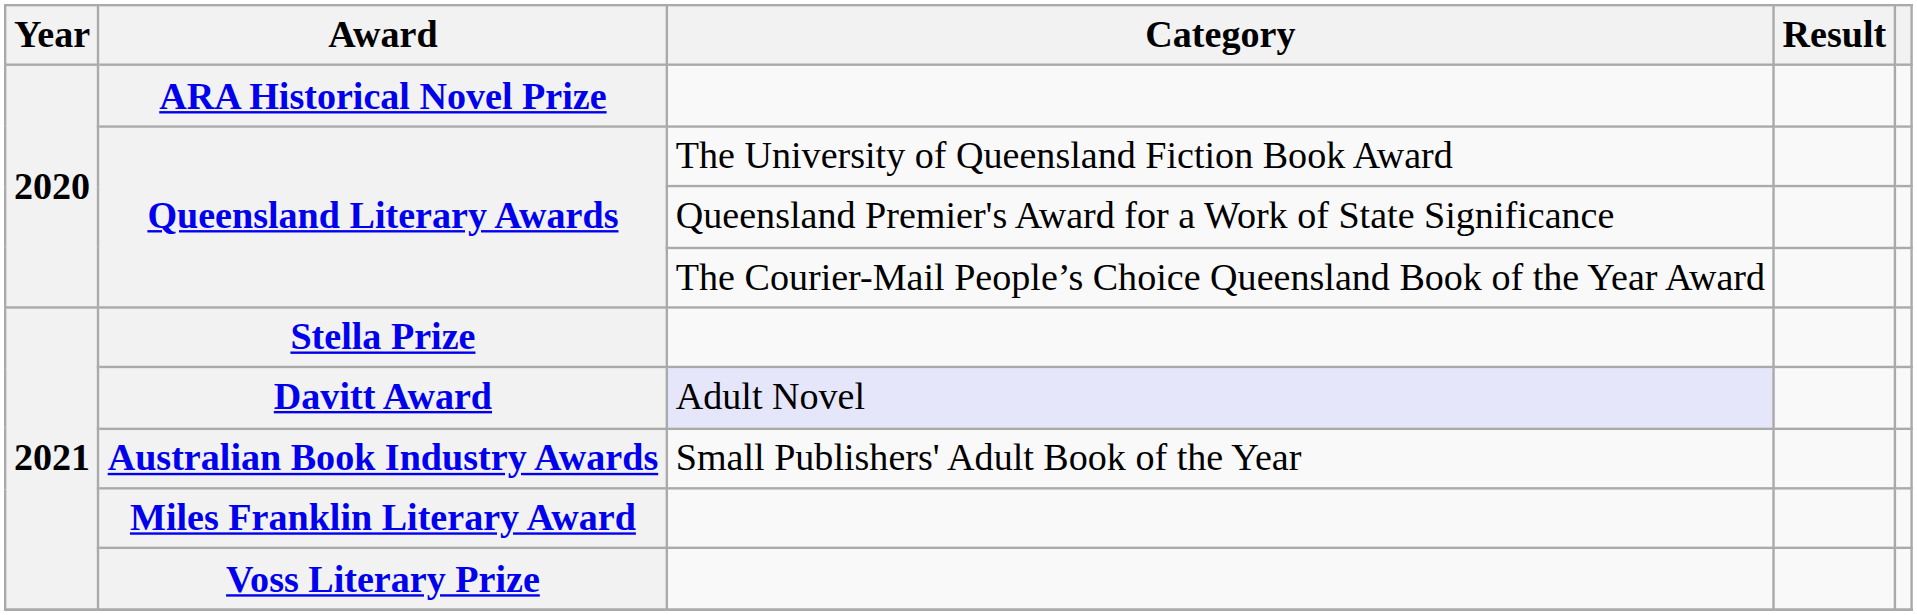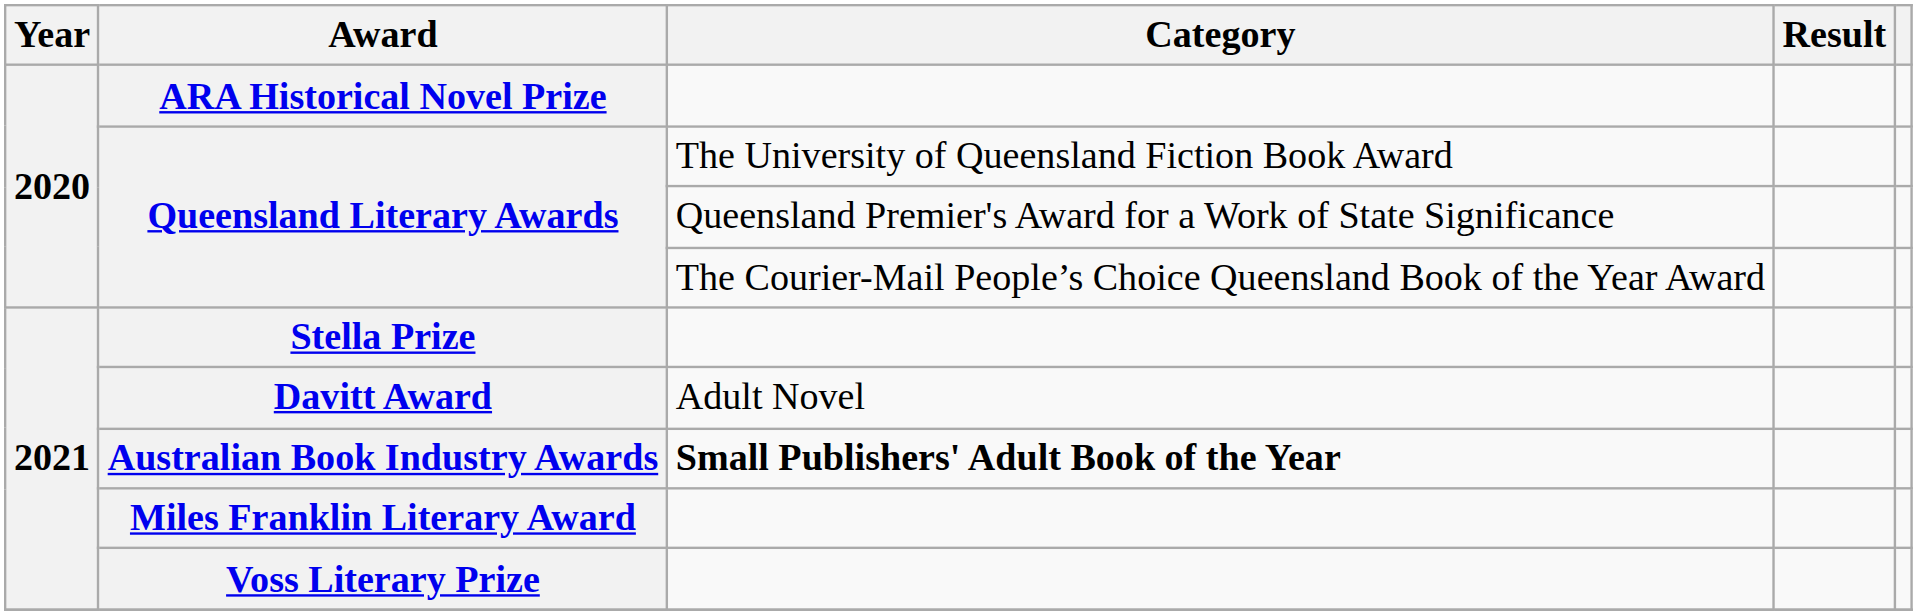 <table class="wikitable sortable">
 <tr>
 <th>Year</th>
 <th>Award</th>
 <th>Category</th>
 <th>Result</th>
 <th></th>
 </tr>
 <tr>
 <th rowspan="4">2020</th>
 <th rowspan="1"><a href='#'>ARA Historical Novel Prize</a></th>
 <td></td>
 <td></td>
 <td></td>
 </tr>
 <tr>
 <th rowspan="3"><a href='#'>Queensland Literary Awards</a></th>
 <td>The University of Queensland Fiction Book Award</td>
 <td></td>
 <td></td>
 </tr>
 <tr>
 <td>Queensland Premier's Award for a Work of State Significance</td>
 <td></td>
 <td></td>
 </tr>
 <tr>
 <td>The Courier-Mail People’s Choice Queensland Book of the Year Award</td>
 <td></td>
 <td></td>
 </tr>
 <tr>
 <th rowspan="5">2021</th>
 <th rowspan="1"><a href='#'>Stella Prize</a></th>
 <td></td>
 <td></td>
 <td></td>
 </tr>
 <tr>
 <th rowspan="1"><a href='#'>Davitt Award</a></th>
-<td style="background: lavender;">Adult Novel</td>
+<td>Adult Novel</td>
 <td></td>
 <td></td>
 </tr>
 <tr>
 <th rowspan="1"><a href='#'>Australian Book Industry Awards</a></th>
-<td>Small Publishers' Adult Book of the Year</td>
+<td><strong>Small Publishers' Adult Book of the Year</strong></td>
 <td></td>
 <td></td>
 </tr>
 <tr>
 <th rowspan="1"><a href='#'>Miles Franklin Literary Award</a></th>
 <td></td>
 <td></td>
 <td></td>
 </tr>
 <tr>
 <th rowspan="1"><a href='#'>Voss Literary Prize</a></th>
 <td></td>
 <td></td>
 <td></td>
 </tr>
 <tr>
 </tr>
 </table>
